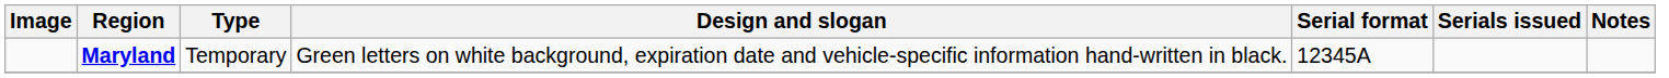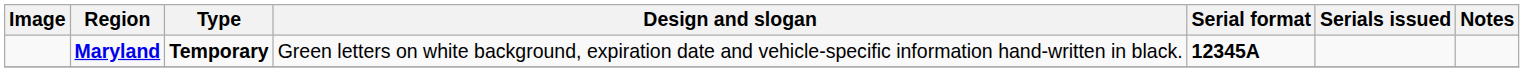 <table class="wikitable">
 <tr>
 <th>Image</th>
 <th>Region</th>
 <th>Type</th>
 <th>Design and slogan</th>
 <th>Serial format</th>
 <th>Serials issued</th>
 <th>Notes</th>
 </tr>
 <tr>
 <td></td>
 <td><a href='#'><strong>Maryland</strong></a></td>
-<td>Temporary</td>
+<td><strong>Temporary</strong></td>
 <td>Green letters on white background, expiration date and vehicle-specific information hand-written in black.</td>
-<td>12345A</td>
+<td><strong>12345A</strong></td>
 <td></td>
 <td></td>
 </tr>
 <tr>
 </tr>
 </table>
